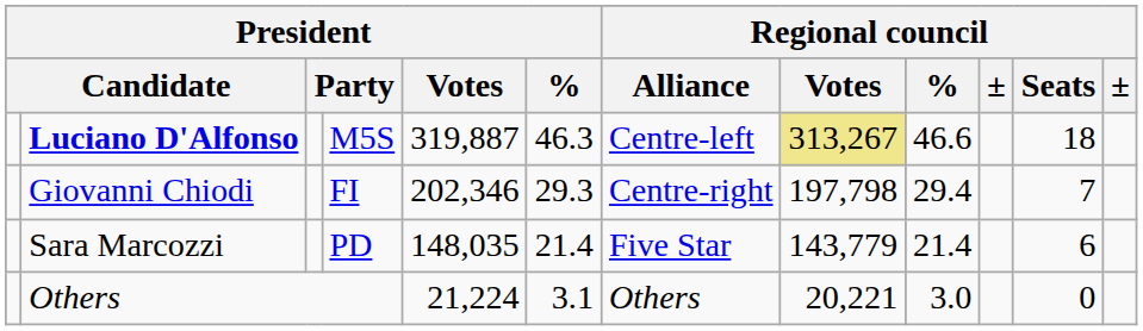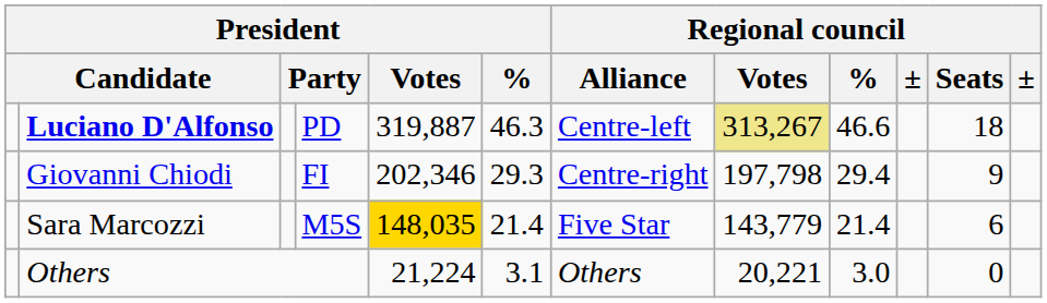 <table class="wikitable" style="text-align:right">
 <tr>
 <th colspan="6">President</th>
 <th colspan="6">Regional council</th>
 </tr>
 <tr>
 <th colspan="2">Candidate</th>
 <th colspan="2">Party</th>
 <th>Votes</th>
 <th>%</th>
 <th>Alliance</th>
 <th>Votes</th>
 <th>%</th>
 <th>±</th>
 <th>Seats</th>
 <th>±</th>
 </tr>
 <tr>
 <td></td>
 <td style="text-align:left"><strong><a href='#'>Luciano D'Alfonso</a></strong></td>
 <td></td>
-<td style="text-align:left"><a href='#'>M5S</a></td>
+<td style="text-align:left"><a href='#'>PD</a></td>
 <td>319,887</td>
 <td>46.3</td>
 <td style="text-align:left"><a href='#'>Centre-left</a></td>
 <td style="background: khaki;">313,267</td>
 <td>46.6</td>
 <td></td>
 <td>18</td>
 <td></td>
 </tr>
 <tr>
 <td></td>
 <td style="text-align:left"><a href='#'>Giovanni Chiodi</a></td>
 <td></td>
 <td style="text-align:left"><a href='#'>FI</a></td>
 <td>202,346</td>
 <td>29.3</td>
 <td style="text-align:left"><a href='#'>Centre-right</a></td>
 <td>197,798</td>
 <td>29.4</td>
 <td></td>
-<td>7</td>
+<td>9</td>
 <td></td>
 </tr>
 <tr>
 <td></td>
 <td style="text-align:left">Sara Marcozzi</td>
 <td></td>
-<td style="text-align:left"><a href='#'>PD</a></td>
-<td>148,035</td>
+<td style="text-align:left"><a href='#'>M5S</a></td>
+<td style="background: gold;">148,035</td>
 <td>21.4</td>
 <td style="text-align:left"><a href='#'>Five Star</a></td>
 <td>143,779</td>
 <td>21.4</td>
 <td></td>
 <td>6</td>
 <td></td>
 </tr>
 <tr>
 <td></td>
 <td colspan="3" style="text-align:left"><em>Others</em></td>
 <td>21,224</td>
 <td>3.1</td>
 <td style="text-align:left"><em>Others</em></td>
 <td>20,221</td>
 <td>3.0</td>
 <td></td>
 <td>0</td>
 <td></td>
 </tr>
 </table>
